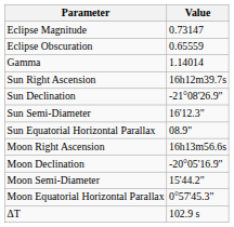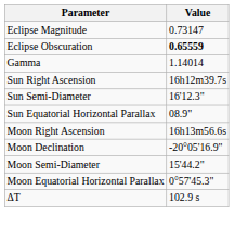 <table class="wikitable">
 <tr>
 <th>Parameter</th>
 <th>Value</th>
 </tr>
 <tr>
 <td>Eclipse Magnitude</td>
 <td>0.73147</td>
 </tr>
 <tr>
 <td>Eclipse Obscuration</td>
-<td>0.65559</td>
+<td><strong>0.65559</strong></td>
 </tr>
 <tr>
 <td>Gamma</td>
 <td>1.14014</td>
 </tr>
 <tr>
 <td>Sun Right Ascension</td>
 <td>16h12m39.7s</td>
-</tr>
-<tr>
-<td>Sun Declination</td>
-<td>-21°08'26.9"</td>
 </tr>
 <tr>
 <td>Sun Semi-Diameter</td>
 <td>16'12.3"</td>
 </tr>
 <tr>
 <td>Sun Equatorial Horizontal Parallax</td>
 <td>08.9"</td>
 </tr>
 <tr>
 <td>Moon Right Ascension</td>
 <td>16h13m56.6s</td>
 </tr>
 <tr>
 <td>Moon Declination</td>
 <td>-20°05'16.9"</td>
 </tr>
 <tr>
 <td>Moon Semi-Diameter</td>
 <td>15'44.2"</td>
 </tr>
 <tr>
 <td>Moon Equatorial Horizontal Parallax</td>
 <td>0°57'45.3"</td>
 </tr>
 <tr>
 <td>ΔT</td>
 <td>102.9 s</td>
 </tr>
 </table>
